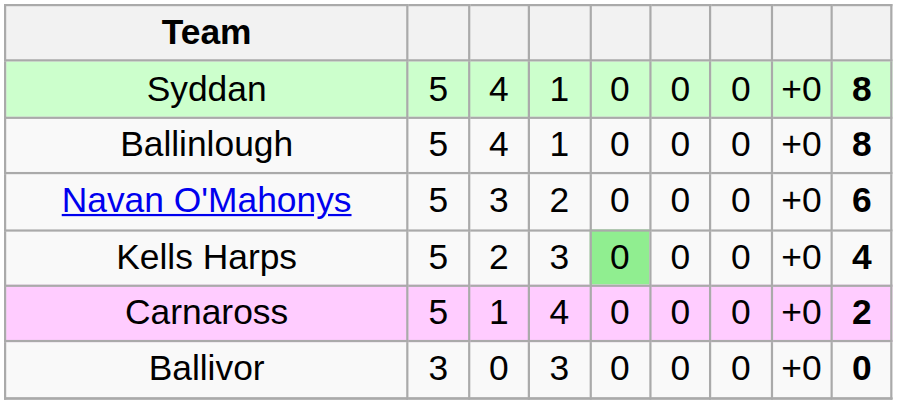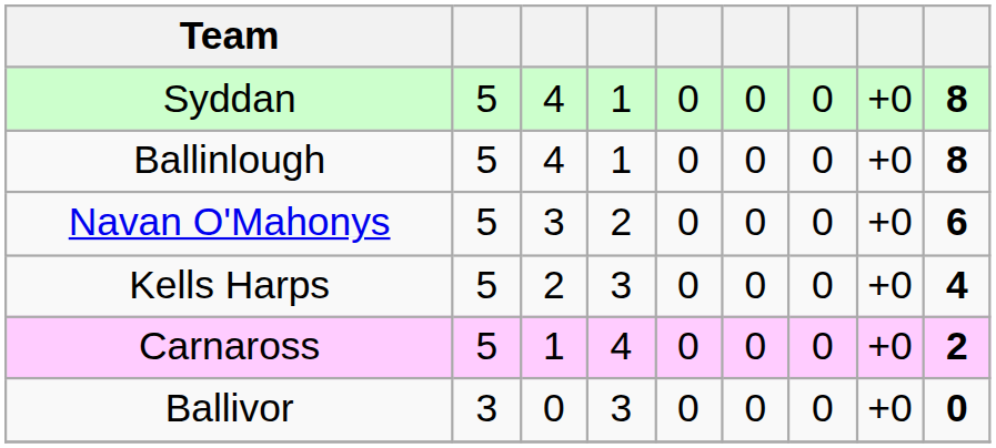 <table class="wikitable" style="text-align:center">
 <tr>
 <th style="width:175px;">Team</th>
 <th width="20"></th>
 <th width="20"></th>
 <th width="20"></th>
 <th width="20"></th>
 <th width="20"></th>
 <th width="20"></th>
 <th width="20"></th>
 <th width="20"></th>
 </tr>
 <tr style="background:#cfc;">
 <td>Syddan</td>
 <td>5</td>
 <td>4</td>
 <td>1</td>
 <td>0</td>
 <td>0</td>
 <td>0</td>
 <td>+0</td>
 <td><strong>8</strong></td>
 </tr>
 <tr>
 <td>Ballinlough</td>
 <td>5</td>
 <td>4</td>
 <td>1</td>
 <td>0</td>
 <td>0</td>
 <td>0</td>
 <td>+0</td>
 <td><strong>8</strong></td>
 </tr>
 <tr>
 <td><a href='#'>Navan O'Mahonys</a></td>
 <td>5</td>
 <td>3</td>
 <td>2</td>
 <td>0</td>
 <td>0</td>
 <td>0</td>
 <td>+0</td>
 <td><strong>6</strong></td>
 </tr>
 <tr>
 <td>Kells Harps</td>
 <td>5</td>
 <td>2</td>
 <td>3</td>
-<td style="background: lightgreen;">0</td>
+<td>0</td>
 <td>0</td>
 <td>0</td>
 <td>+0</td>
 <td><strong>4</strong></td>
 </tr>
 <tr style="background:#fcf;">
 <td>Carnaross</td>
 <td>5</td>
 <td>1</td>
 <td>4</td>
 <td>0</td>
 <td>0</td>
 <td>0</td>
 <td>+0</td>
 <td><strong>2</strong></td>
 </tr>
 <tr>
 <td>Ballivor</td>
 <td>3</td>
 <td>0</td>
 <td>3</td>
 <td>0</td>
 <td>0</td>
 <td>0</td>
 <td>+0</td>
 <td><strong>0</strong></td>
 </tr>
 <tr>
 </tr>
 </table>
